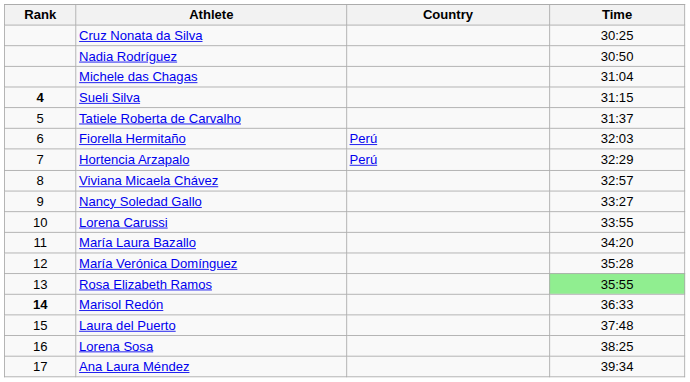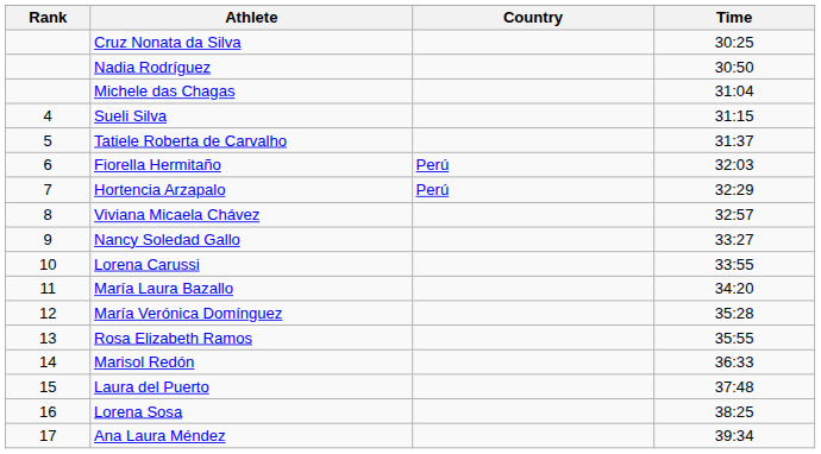 <table class="wikitable sortable" style=" text-align:center; font-size:95%;" width="50%">
 <tr>
 </tr>
 <tr>
 <th width=5%>Rank</th>
 <th width=20%>Athlete</th>
 <th width=15%>Country</th>
 <th width=10%>Time</th>
 </tr>
 <tr>
 <td align=center></td>
 <td align=left><a href='#'>Cruz Nonata da Silva</a></td>
 <td align=left></td>
 <td>30:25</td>
 </tr>
 <tr>
 <td align=center></td>
 <td align=left><a href='#'>Nadia Rodríguez</a></td>
 <td align=left></td>
 <td>30:50</td>
 </tr>
 <tr>
 <td align=center></td>
 <td align=left><a href='#'>Michele das Chagas</a></td>
 <td align=left></td>
 <td>31:04</td>
 </tr>
 <tr>
-<td align=center><strong>4</strong></td>
+<td align=center>4</td>
 <td align=left><a href='#'>Sueli Silva</a></td>
 <td align=left></td>
 <td>31:15</td>
 </tr>
 <tr>
 <td align=center>5</td>
 <td align=left><a href='#'>Tatiele Roberta de Carvalho</a></td>
 <td align=left></td>
 <td>31:37</td>
 </tr>
 <tr>
 <td align=center>6</td>
 <td align=left><a href='#'>Fiorella Hermitaño</a></td>
 <td align=left> <a href='#'>Perú</a></td>
 <td>32:03</td>
 </tr>
 <tr>
 <td align=center>7</td>
 <td align=left><a href='#'>Hortencia Arzapalo</a></td>
 <td align=left> <a href='#'>Perú</a></td>
 <td>32:29</td>
 </tr>
 <tr>
 <td align=center>8</td>
 <td align=left><a href='#'>Viviana Micaela Chávez</a></td>
 <td align=left></td>
 <td>32:57</td>
 </tr>
 <tr>
 <td align=center>9</td>
 <td align=left><a href='#'>Nancy Soledad Gallo</a></td>
 <td align=left></td>
 <td>33:27</td>
 </tr>
 <tr>
 <td align=center>10</td>
 <td align=left><a href='#'>Lorena Carussi</a></td>
 <td align=left></td>
 <td>33:55</td>
 </tr>
 <tr>
 <td align=center>11</td>
 <td align=left><a href='#'>María Laura Bazallo</a></td>
 <td align=left></td>
 <td>34:20</td>
 </tr>
 <tr>
 <td align=center>12</td>
 <td align=left><a href='#'>María Verónica Domínguez</a></td>
 <td align=left></td>
 <td>35:28</td>
 </tr>
 <tr>
 <td align=center>13</td>
 <td align=left><a href='#'>Rosa Elizabeth Ramos</a></td>
 <td align=left></td>
-<td style="background: lightgreen;">35:55</td>
+<td>35:55</td>
 </tr>
 <tr>
-<td align=center><strong>14</strong></td>
+<td align=center>14</td>
 <td align=left><a href='#'>Marisol Redón</a></td>
 <td align=left></td>
 <td>36:33</td>
 </tr>
 <tr>
 <td align=center>15</td>
 <td align=left><a href='#'>Laura del Puerto</a></td>
 <td align=left></td>
 <td>37:48</td>
 </tr>
 <tr>
 <td align=center>16</td>
 <td align=left><a href='#'>Lorena Sosa</a></td>
 <td align=left></td>
 <td>38:25</td>
 </tr>
 <tr>
 <td align=center>17</td>
 <td align=left><a href='#'>Ana Laura Méndez</a></td>
 <td align=left></td>
 <td>39:34</td>
 </tr>
 </table>
